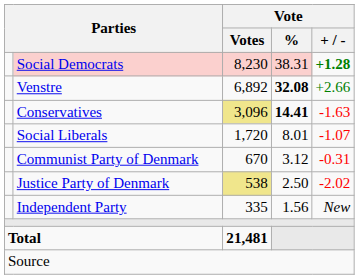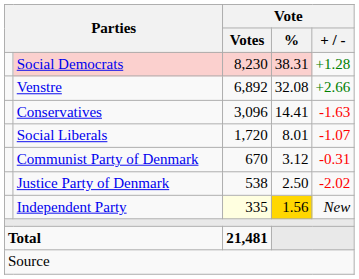 <table class="wikitable" style="text-align:right;">
 <tr>
 <th style="text-align:centre;" rowspan="2" colspan="2" width="225">Parties</th>
 <th colspan="3">Vote</th>
 </tr>
 <tr>
 <th width="15">Votes</th>
 <th width="15">%</th>
 <th width="15">+ / -</th>
 </tr>
 <tr>
 <td width="2" style="color:inherit;background:"></td>
 <td bgcolor=#fbd0ce  align="left"><a href='#'>Social Democrats</a></td>
 <td bgcolor=#fbd0ce>8,230</td>
 <td bgcolor=#fbd0ce>38.31</td>
-<td style=color:green;><strong>+1.28</strong></td>
+<td style=color:green;>+1.28</td>
 </tr>
 <tr>
 <td width="2" style="color:inherit;background:"></td>
 <td align="left"><a href='#'>Venstre</a></td>
 <td>6,892</td>
-<td><strong>32.08</strong></td>
+<td>32.08</td>
 <td style=color:green;>+2.66</td>
 </tr>
 <tr>
 <td width="2" style="color:inherit;background:"></td>
 <td align="left"><a href='#'>Conservatives</a></td>
-<td style="background: khaki;">3,096</td>
-<td><strong>14.41</strong></td>
+<td>3,096</td>
+<td>14.41</td>
 <td style=color:red;>-1.63</td>
 </tr>
 <tr>
 <td width="2" style="color:inherit;background:"></td>
 <td align="left"><a href='#'>Social Liberals</a></td>
 <td>1,720</td>
 <td>8.01</td>
 <td style=color:red;>-1.07</td>
 </tr>
 <tr>
 <td width="2" style="color:inherit;background:"></td>
 <td align="left"><a href='#'>Communist Party of Denmark</a></td>
 <td>670</td>
 <td>3.12</td>
 <td style=color:red;>-0.31</td>
 </tr>
 <tr>
 <td width="2" style="color:inherit;background:"></td>
 <td align="left"><a href='#'>Justice Party of Denmark</a></td>
-<td style="background: khaki;">538</td>
+<td>538</td>
 <td>2.50</td>
 <td style=color:red;>-2.02</td>
 </tr>
 <tr>
 <td width="2" style="color:inherit;background:"></td>
 <td align="left"><a href='#'>Independent Party</a></td>
-<td>335</td>
-<td>1.56</td>
+<td style="background: lightyellow;">335</td>
+<td style="background: gold;">1.56</td>
 <td><em>New</em></td>
 </tr>
 <tr>
 <td colspan="7" bgcolor="#E9E9E9"></td>
 </tr>
 <tr>
 <td align="left" colspan="2"><strong>Total</strong></td>
 <td><strong>21,481</strong></td>
 <td bgcolor="#E9E9E9" colspan="2"></td>
 </tr>
 <tr>
 <td align="left" colspan="6">Source</td>
 </tr>
 </table>
